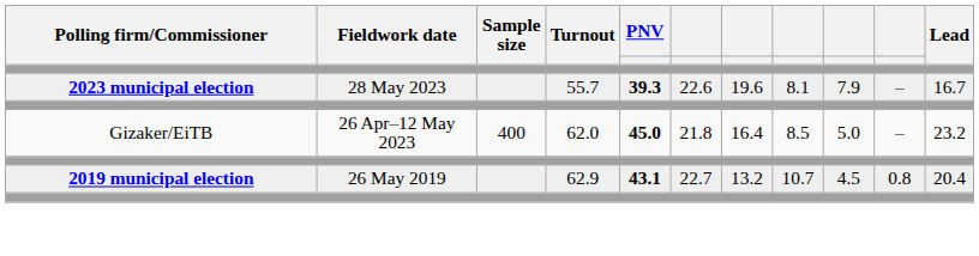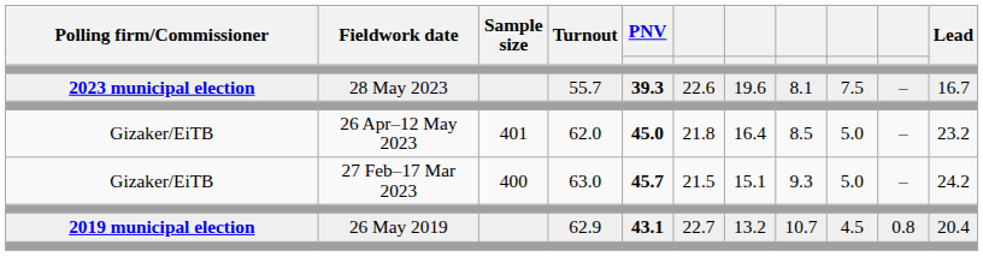 <table class="wikitable collapsible collapsed" style="text-align:center; font-size:95%; line-height:16px;">
 <tr style="height:42px;">
 <th style="width:250px;" rowspan="2">Polling firm/Commissioner</th>
 <th style="width:125px;" rowspan="2">Fieldwork date</th>
 <th style="width:50px;" rowspan="2">Sample size</th>
 <th style="width:45px;" rowspan="2">Turnout</th>
 <th style="width:35px;"><a href='#'>PNV</a></th>
 <th style="width:35px;"></th>
 <th style="width:35px;"></th>
 <th style="width:35px;"></th>
 <th style="width:35px;"></th>
 <th style="width:35px;"></th>
 <th style="width:30px;" rowspan="2">Lead</th>
 </tr>
 <tr>
 <th style="color:inherit;background:"></th>
 <th style="color:inherit;background:"></th>
 <th style="color:inherit;background:"></th>
 <th style="color:inherit;background:"></th>
 <th style="color:inherit;background:"></th>
 <th style="color:inherit;background:"></th>
 </tr>
 <tr>
 <td colspan="11" style="background:#A0A0A0"></td>
 </tr>
 <tr style="background:#EFEFEF;">
 <td><strong><a href='#'>2023 municipal election</a></strong></td>
 <td>28 May 2023</td>
 <td></td>
 <td>55.7</td>
 <td><strong>39.3</strong><br></td>
 <td>22.6<br></td>
 <td>19.6<br></td>
 <td>8.1<br></td>
-<td>7.9<br></td>
+<td>7.5<br></td>
 <td>–</td>
 <td style="background:">16.7</td>
 </tr>
 <tr>
 <td colspan="11" style="background:#A0A0A0"></td>
 </tr>
 <tr>
 <td>Gizaker/EiTB</td>
 <td>26 Apr–12 May 2023</td>
-<td>400</td>
+<td>401</td>
 <td>62.0</td>
 <td><strong>45.0</strong><br></td>
 <td>21.8<br></td>
 <td>16.4<br></td>
 <td>8.5<br></td>
 <td>5.0<br></td>
 <td>–</td>
 <td style="background:">23.2</td>
+</tr>
+<tr>
+<td>Gizaker/EiTB</td>
+<td>27 Feb–17 Mar 2023</td>
+<td>400</td>
+<td>63.0</td>
+<td><strong>45.7</strong><br></td>
+<td>21.5<br></td>
+<td>15.1<br></td>
+<td>9.3<br></td>
+<td>5.0<br></td>
+<td>–</td>
+<td style="background:">24.2</td>
 </tr>
 <tr>
 <td colspan="11" style="background:#A0A0A0"></td>
 </tr>
 <tr style="background:#EFEFEF;">
 <td><strong><a href='#'>2019 municipal election</a></strong></td>
 <td>26 May 2019</td>
 <td></td>
 <td>62.9</td>
 <td><strong>43.1</strong><br></td>
 <td>22.7<br></td>
 <td>13.2<br></td>
 <td>10.7<br></td>
 <td>4.5<br></td>
 <td>0.8<br></td>
 <td style="background:">20.4</td>
 </tr>
 <tr>
 <td colspan="11" style="background:#A0A0A0"></td>
 </tr>
 </table>
